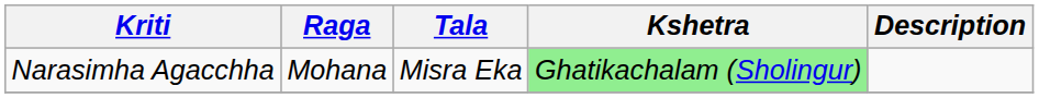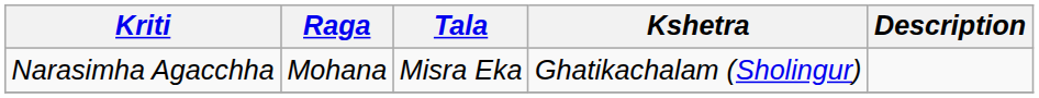 <table class="wikitable">
 <tr>
 <th><em><a href='#'>Kriti</a></em></th>
 <th><em><a href='#'>Raga</a></em></th>
 <th><em><a href='#'>Tala</a></em></th>
 <th><em>Kshetra</em></th>
 <th><em>Description</em></th>
 </tr>
 <tr>
 <td><em>Narasimha Agacchha</em></td>
 <td><em>Mohana</em></td>
 <td><em>Misra Eka</em></td>
-<td style="background: lightgreen;"><em>Ghatikachalam (<a href='#'>Sholingur</a>)</em></td>
+<td><em>Ghatikachalam (<a href='#'>Sholingur</a>)</em></td>
 <td></td>
 </tr>
 <tr>
 </tr>
 </table>
